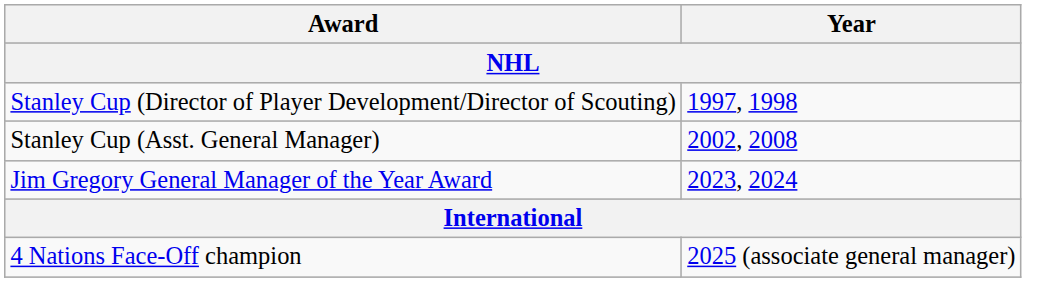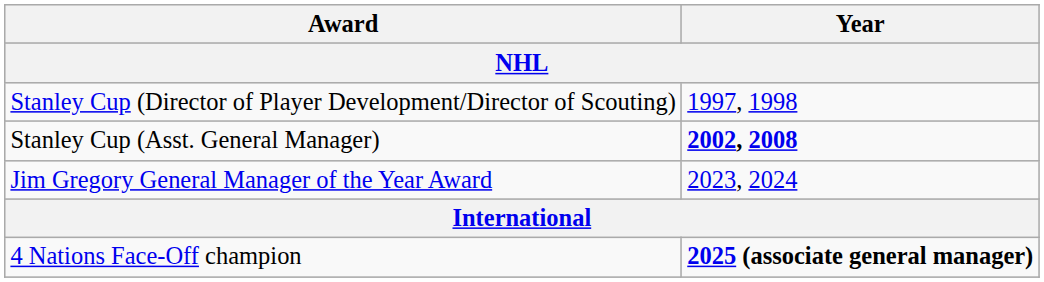 <table class="wikitable">
 <tr>
 <th>Award</th>
 <th>Year</th>
 </tr>
 <tr ALIGN="center" bgcolor="#e0e0e0">
 <th colspan="4"><a href='#'>NHL</a></th>
 </tr>
 <tr>
 <td><a href='#'>Stanley Cup</a> (Director of Player Development/Director of Scouting)</td>
 <td><a href='#'>1997</a>, <a href='#'>1998</a></td>
 </tr>
 <tr>
 <td>Stanley Cup (Asst. General Manager)</td>
-<td><a href='#'>2002</a>, <a href='#'>2008</a></td>
+<td><strong><a href='#'>2002</a>, <a href='#'>2008</a></strong></td>
 </tr>
 <tr>
 <td><a href='#'>Jim Gregory General Manager of the Year Award</a></td>
 <td><a href='#'>2023</a>, <a href='#'>2024</a></td>
 </tr>
 <tr>
 <th colspan="2"><a href='#'>International</a></th>
 </tr>
 <tr>
 <td><a href='#'>4 Nations Face-Off</a> champion</td>
-<td><a href='#'>2025</a> (associate general manager)</td>
+<td><strong><a href='#'>2025</a> (associate general manager)</strong></td>
 </tr>
 </table>
